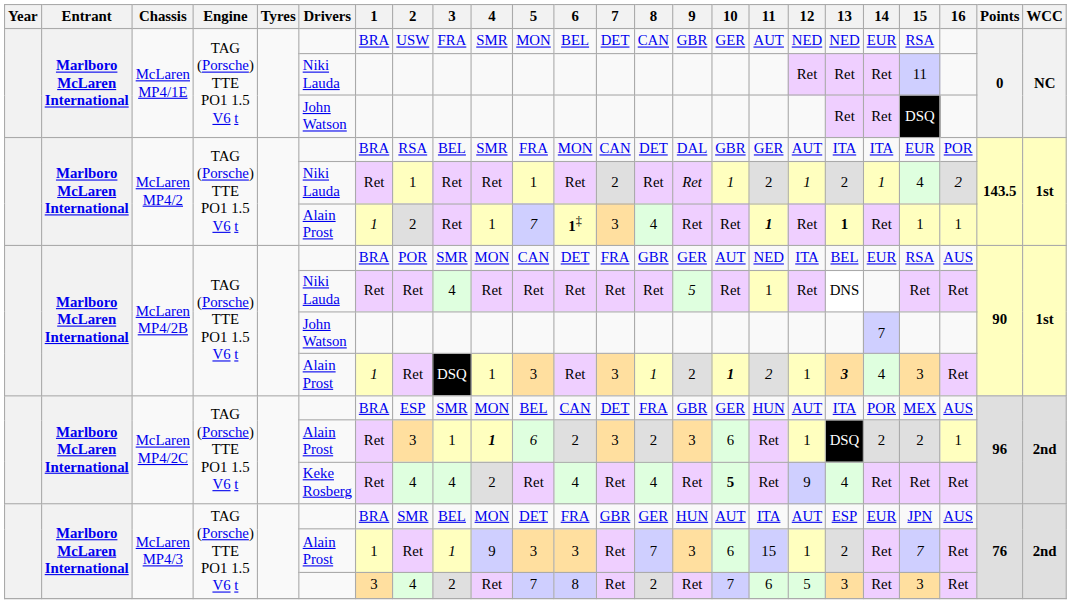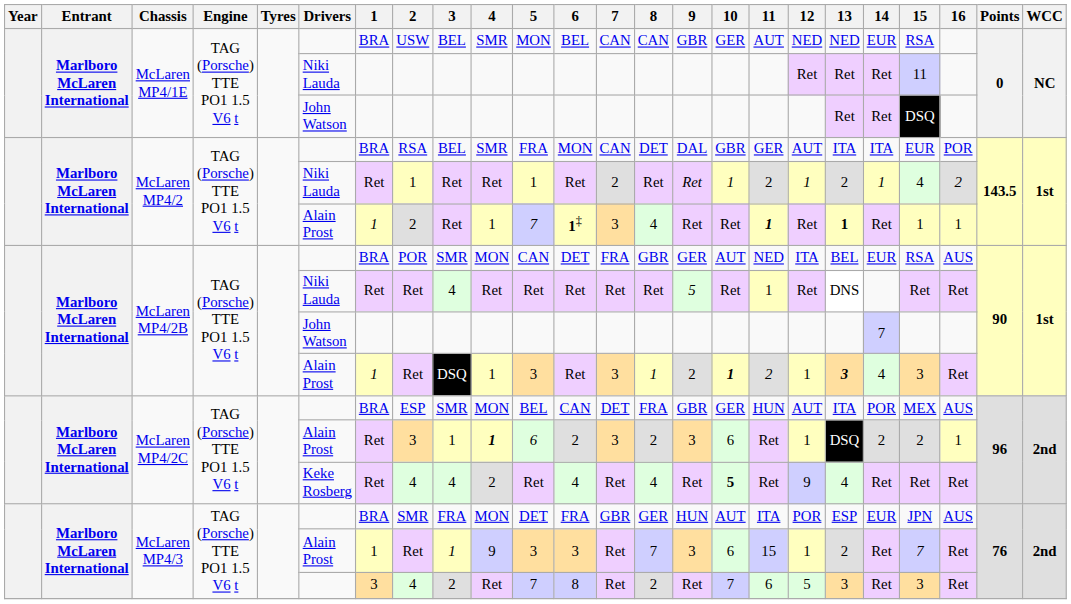 <table class="wikitable" style="text-align:center; font-size:85%">
 <tr>
 <th>Year</th>
 <th>Entrant</th>
 <th>Chassis</th>
 <th>Engine</th>
 <th>Tyres</th>
 <th>Drivers</th>
 <th>1</th>
 <th>2</th>
 <th>3</th>
 <th>4</th>
 <th>5</th>
 <th>6</th>
 <th>7</th>
 <th>8</th>
 <th>9</th>
 <th>10</th>
 <th>11</th>
 <th>12</th>
 <th>13</th>
 <th>14</th>
 <th>15</th>
 <th>16</th>
 <th>Points</th>
 <th>WCC</th>
 </tr>
 <tr>
 <th rowspan="3"></th>
 <th rowspan="3"><a href='#'>Marlboro McLaren International</a></th>
 <td rowspan="3"><a href='#'>McLaren MP4/1E</a></td>
 <td rowspan="3">TAG (<a href='#'>Porsche</a>) TTE PO1 1.5 <a href='#'>V6</a> <a href='#'>t</a></td>
 <td rowspan="3"></td>
 <td></td>
 <td><a href='#'>BRA</a></td>
 <td><a href='#'>USW</a></td>
-<td><a href='#'>FRA</a></td>
+<td><a href='#'>BEL</a></td>
 <td><a href='#'>SMR</a></td>
 <td><a href='#'>MON</a></td>
 <td><a href='#'>BEL</a></td>
-<td><a href='#'>DET</a></td>
+<td><a href='#'>CAN</a></td>
 <td><a href='#'>CAN</a></td>
 <td><a href='#'>GBR</a></td>
 <td><a href='#'>GER</a></td>
 <td><a href='#'>AUT</a></td>
 <td><a href='#'>NED</a></td>
 <td><a href='#'>NED</a></td>
 <td><a href='#'>EUR</a></td>
 <td><a href='#'>RSA</a></td>
 <td></td>
 <th rowspan=3>0</th>
 <th rowspan=3>NC</th>
 </tr>
 <tr>
 <td style="text-align:left"> <a href='#'>Niki Lauda</a></td>
 <td></td>
 <td></td>
 <td></td>
 <td></td>
 <td></td>
 <td></td>
 <td></td>
 <td></td>
 <td></td>
 <td></td>
 <td></td>
 <td style="background:#efcfff;">Ret</td>
 <td style="background:#efcfff;">Ret</td>
 <td style="background:#efcfff;">Ret</td>
 <td style="background:#cfcfff;">11</td>
 <td></td>
 </tr>
 <tr>
 <td style="text-align:left"> <a href='#'>John Watson</a></td>
 <td></td>
 <td></td>
 <td></td>
 <td></td>
 <td></td>
 <td></td>
 <td></td>
 <td></td>
 <td></td>
 <td></td>
 <td></td>
 <td></td>
 <td style="background:#efcfff;">Ret</td>
 <td style="background:#efcfff;">Ret</td>
 <td style="background:#000; color:#fff;">DSQ</td>
 <td></td>
 </tr>
 <tr>
 <th rowspan="3"></th>
 <th rowspan="3"><a href='#'>Marlboro McLaren International</a></th>
 <td rowspan="3"><a href='#'>McLaren MP4/2</a></td>
 <td rowspan="3">TAG (<a href='#'>Porsche</a>) TTE PO1 1.5 <a href='#'>V6</a> <a href='#'>t</a></td>
 <td rowspan="3"></td>
 <td></td>
 <td><a href='#'>BRA</a></td>
 <td><a href='#'>RSA</a></td>
 <td><a href='#'>BEL</a></td>
 <td><a href='#'>SMR</a></td>
 <td><a href='#'>FRA</a></td>
 <td><a href='#'>MON</a></td>
 <td><a href='#'>CAN</a></td>
 <td><a href='#'>DET</a></td>
 <td><a href='#'>DAL</a></td>
 <td><a href='#'>GBR</a></td>
 <td><a href='#'>GER</a></td>
 <td><a href='#'>AUT</a></td>
 <td><a href='#'>ITA</a></td>
 <td><a href='#'>ITA</a></td>
 <td><a href='#'>EUR</a></td>
 <td><a href='#'>POR</a></td>
 <td rowspan="3" style="background:#ffffbf;"><strong>143.5</strong></td>
 <td rowspan="3" style="background:#ffffbf;"><strong>1st</strong></td>
 </tr>
 <tr>
 <td style="text-align:left"> <a href='#'>Niki Lauda</a></td>
 <td style="background:#efcfff;">Ret</td>
 <td style="background:#ffffbf;">1</td>
 <td style="background:#efcfff;">Ret</td>
 <td style="background:#efcfff;">Ret</td>
 <td style="background:#ffffbf;">1</td>
 <td style="background:#efcfff;">Ret</td>
 <td style="background:#dfdfdf;">2</td>
 <td style="background:#efcfff;">Ret</td>
 <td style="background:#efcfff;"><em>Ret</em></td>
 <td style="background:#ffffbf;"><em>1</em></td>
 <td style="background:#dfdfdf;">2</td>
 <td style="background:#ffffbf;"><em>1</em></td>
 <td style="background:#dfdfdf;">2</td>
 <td style="background:#ffffbf;"><em>1</em></td>
 <td style="background:#dfffdf;">4</td>
 <td style="background:#dfdfdf;"><em>2</em></td>
 </tr>
 <tr>
 <td style="text-align:left"> <a href='#'>Alain Prost</a></td>
 <td style="background:#ffffbf;"><em>1</em></td>
 <td style="background:#dfdfdf;">2</td>
 <td style="background:#efcfff;">Ret</td>
 <td style="background:#ffffbf;">1</td>
 <td style="background:#cfcfff;"><em>7</em></td>
 <td style="background:#ffffbf;"><strong>1</strong><sup>‡</sup></td>
 <td style="background:#ffdf9f;">3</td>
 <td style="background:#dfffdf;">4</td>
 <td style="background:#efcfff;">Ret</td>
 <td style="background:#efcfff;">Ret</td>
 <td style="background:#ffffbf;"><strong><em>1</em></strong></td>
 <td style="background:#efcfff;">Ret</td>
 <td style="background:#ffffbf;"><strong>1</strong></td>
 <td style="background:#efcfff;">Ret</td>
 <td style="background:#ffffbf;">1</td>
 <td style="background:#ffffbf;">1</td>
 </tr>
 <tr>
 <th rowspan="4"></th>
 <th rowspan="4"><a href='#'>Marlboro McLaren International</a></th>
 <td rowspan="4"><a href='#'>McLaren MP4/2B</a></td>
 <td rowspan="4">TAG (<a href='#'>Porsche</a>) TTE PO1 1.5 <a href='#'>V6</a> <a href='#'>t</a></td>
 <td rowspan="4"></td>
 <td></td>
 <td><a href='#'>BRA</a></td>
 <td><a href='#'>POR</a></td>
 <td><a href='#'>SMR</a></td>
 <td><a href='#'>MON</a></td>
 <td><a href='#'>CAN</a></td>
 <td><a href='#'>DET</a></td>
 <td><a href='#'>FRA</a></td>
 <td><a href='#'>GBR</a></td>
 <td><a href='#'>GER</a></td>
 <td><a href='#'>AUT</a></td>
 <td><a href='#'>NED</a></td>
 <td><a href='#'>ITA</a></td>
 <td><a href='#'>BEL</a></td>
 <td><a href='#'>EUR</a></td>
 <td><a href='#'>RSA</a></td>
 <td><a href='#'>AUS</a></td>
 <td rowspan="4" style="background:#ffffbf;"><strong>90</strong></td>
 <td rowspan="4" style="background:#ffffbf;"><strong>1st</strong></td>
 </tr>
 <tr>
 <td style="text-align:left"> <a href='#'>Niki Lauda</a></td>
 <td style="background:#efcfff;">Ret</td>
 <td style="background:#efcfff;">Ret</td>
 <td style="background:#dfffdf;">4</td>
 <td style="background:#efcfff;">Ret</td>
 <td style="background:#efcfff;">Ret</td>
 <td style="background:#efcfff;">Ret</td>
 <td style="background:#efcfff;">Ret</td>
 <td style="background:#efcfff;">Ret</td>
 <td style="background:#dfffdf;"><em>5</em></td>
 <td style="background:#efcfff;">Ret</td>
 <td style="background:#ffffbf;">1</td>
 <td style="background:#efcfff;">Ret</td>
 <td style="background:#fff;">DNS</td>
 <td></td>
 <td style="background:#efcfff;">Ret</td>
 <td style="background:#efcfff;">Ret</td>
 </tr>
 <tr>
 <td style="text-align:left"> <a href='#'>John Watson</a></td>
 <td></td>
 <td></td>
 <td></td>
 <td></td>
 <td></td>
 <td></td>
 <td></td>
 <td></td>
 <td></td>
 <td></td>
 <td></td>
 <td></td>
 <td></td>
 <td style="background:#cfcfff;">7</td>
 <td></td>
 <td></td>
 </tr>
 <tr>
 <td style="text-align:left"> <a href='#'>Alain Prost</a></td>
 <td style="background:#ffffbf;"><em>1</em></td>
 <td style="background:#efcfff;">Ret</td>
 <td style="background:#000; color:#fff;">DSQ</td>
 <td style="background:#ffffbf;">1</td>
 <td style="background:#ffdf9f;">3</td>
 <td style="background:#efcfff;">Ret</td>
 <td style="background:#ffdf9f;">3</td>
 <td style="background:#ffffbf;"><em>1</em></td>
 <td style="background:#dfdfdf;">2</td>
 <td style="background:#ffffbf;"><strong><em>1</em></strong></td>
 <td style="background:#dfdfdf;"><em>2</em></td>
 <td style="background:#ffffbf;">1</td>
 <td style="background:#ffdf9f;"><strong><em>3</em></strong></td>
 <td style="background:#dfffdf;">4</td>
 <td style="background:#ffdf9f;">3</td>
 <td style="background:#efcfff;">Ret</td>
 </tr>
 <tr>
 <th rowspan="3"></th>
 <th rowspan="3"><a href='#'>Marlboro McLaren International</a></th>
 <td rowspan="3"><a href='#'>McLaren MP4/2C</a></td>
 <td rowspan="3">TAG (<a href='#'>Porsche</a>) TTE PO1 1.5 <a href='#'>V6</a> <a href='#'>t</a></td>
 <td rowspan="3"></td>
 <td></td>
 <td><a href='#'>BRA</a></td>
 <td><a href='#'>ESP</a></td>
 <td><a href='#'>SMR</a></td>
 <td><a href='#'>MON</a></td>
 <td><a href='#'>BEL</a></td>
 <td><a href='#'>CAN</a></td>
 <td><a href='#'>DET</a></td>
 <td><a href='#'>FRA</a></td>
 <td><a href='#'>GBR</a></td>
 <td><a href='#'>GER</a></td>
 <td><a href='#'>HUN</a></td>
 <td><a href='#'>AUT</a></td>
 <td><a href='#'>ITA</a></td>
 <td><a href='#'>POR</a></td>
 <td><a href='#'>MEX</a></td>
 <td><a href='#'>AUS</a></td>
 <td rowspan="3" style="background:#dfdfdf;"><strong>96</strong></td>
 <td rowspan="3" style="background:#dfdfdf;"><strong>2nd</strong></td>
 </tr>
 <tr>
 <td style="text-align:left"> <a href='#'>Alain Prost</a></td>
 <td style="background:#efcfff;">Ret</td>
 <td style="background:#ffdf9f;">3</td>
 <td style="background:#ffffbf;">1</td>
 <td style="background:#ffffbf;"><strong><em>1</em></strong></td>
 <td style="background:#dfffdf;"><em>6</em></td>
 <td style="background:#dfdfdf;">2</td>
 <td style="background:#ffdf9f;">3</td>
 <td style="background:#dfdfdf;">2</td>
 <td style="background:#ffdf9f;">3</td>
 <td style="background:#dfffdf;">6</td>
 <td style="background:#efcfff;">Ret</td>
 <td style="background:#ffffbf;">1</td>
 <td style="background:#000; color:#fff;">DSQ</td>
 <td style="background:#dfdfdf;">2</td>
 <td style="background:#dfdfdf;">2</td>
 <td style="background:#ffffbf;">1</td>
 </tr>
 <tr>
 <td style="text-align:left"> <a href='#'>Keke Rosberg</a></td>
 <td style="background:#efcfff;">Ret</td>
 <td style="background:#dfffdf;">4</td>
 <td style="background:#dfffdf;">4</td>
 <td style="background:#dfdfdf;">2</td>
 <td style="background:#efcfff;">Ret</td>
 <td style="background:#dfffdf;">4</td>
 <td style="background:#efcfff;">Ret</td>
 <td style="background:#dfffdf;">4</td>
 <td style="background:#efcfff;">Ret</td>
 <td style="background:#dfffdf;"><strong>5</strong></td>
 <td style="background:#efcfff;">Ret</td>
 <td style="background:#cfcfff;">9</td>
 <td style="background:#dfffdf;">4</td>
 <td style="background:#efcfff;">Ret</td>
 <td style="background:#efcfff;">Ret</td>
 <td style="background:#efcfff;">Ret</td>
 </tr>
 <tr>
 <th rowspan="3"></th>
 <th rowspan="3"><a href='#'>Marlboro McLaren International</a></th>
 <td rowspan="3"><a href='#'>McLaren MP4/3</a></td>
 <td rowspan="3">TAG (<a href='#'>Porsche</a>) TTE PO1 1.5 <a href='#'>V6</a> <a href='#'>t</a></td>
 <td rowspan="3"></td>
 <td></td>
 <td><a href='#'>BRA</a></td>
 <td><a href='#'>SMR</a></td>
-<td><a href='#'>BEL</a></td>
+<td><a href='#'>FRA</a></td>
 <td><a href='#'>MON</a></td>
 <td><a href='#'>DET</a></td>
 <td><a href='#'>FRA</a></td>
 <td><a href='#'>GBR</a></td>
 <td><a href='#'>GER</a></td>
 <td><a href='#'>HUN</a></td>
 <td><a href='#'>AUT</a></td>
 <td><a href='#'>ITA</a></td>
-<td><a href='#'>AUT</a></td>
+<td><a href='#'>POR</a></td>
 <td><a href='#'>ESP</a></td>
 <td><a href='#'>EUR</a></td>
 <td><a href='#'>JPN</a></td>
 <td><a href='#'>AUS</a></td>
 <td rowspan="3" style="background:#dfdfdf;"><strong>76</strong></td>
 <td rowspan="3" style="background:#dfdfdf;"><strong>2nd</strong></td>
 </tr>
 <tr>
 <td style="text-align:left"> <a href='#'>Alain Prost</a></td>
 <td style="background:#ffffbf;">1</td>
 <td style="background:#efcfff;">Ret</td>
 <td style="background:#ffffbf;"><em>1</em></td>
 <td style="background:#cfcfff;">9</td>
 <td style="background:#ffdf9f;">3</td>
 <td style="background:#ffdf9f;">3</td>
 <td style="background:#efcfff;">Ret</td>
 <td style="background:#cfcfff;">7</td>
 <td style="background:#ffdf9f;">3</td>
 <td style="background:#dfffdf;">6</td>
 <td style="background:#cfcfff;">15</td>
 <td style="background:#ffffbf;">1</td>
 <td style="background:#dfdfdf;">2</td>
 <td style="background:#efcfff;">Ret</td>
 <td style="background:#cfcfff;"><em>7</em></td>
 <td style="background:#efcfff;">Ret</td>
 </tr>
 <tr>
 <td style="text-align:left"></td>
 <td style="background:#ffdf9f;">3</td>
 <td style="background:#dfffdf;">4</td>
 <td style="background:#dfdfdf;">2</td>
 <td style="background:#efcfff;">Ret</td>
 <td style="background:#cfcfff;">7</td>
 <td style="background:#cfcfff;">8</td>
 <td style="background:#efcfff;">Ret</td>
 <td style="background:#dfdfdf;">2</td>
 <td style="background:#efcfff;">Ret</td>
 <td style="background:#cfcfff;">7</td>
 <td style="background:#dfffdf;">6</td>
 <td style="background:#dfffdf;">5</td>
 <td style="background:#ffdf9f;">3</td>
 <td style="background:#efcfff;">Ret</td>
 <td style="background:#ffdf9f;">3</td>
 <td style="background:#efcfff;">Ret</td>
 </tr>
 <tr>
 </tr>
 </table>
